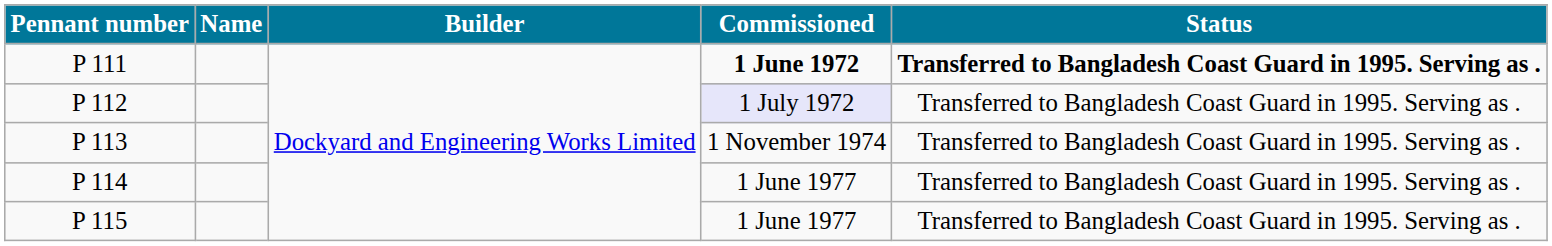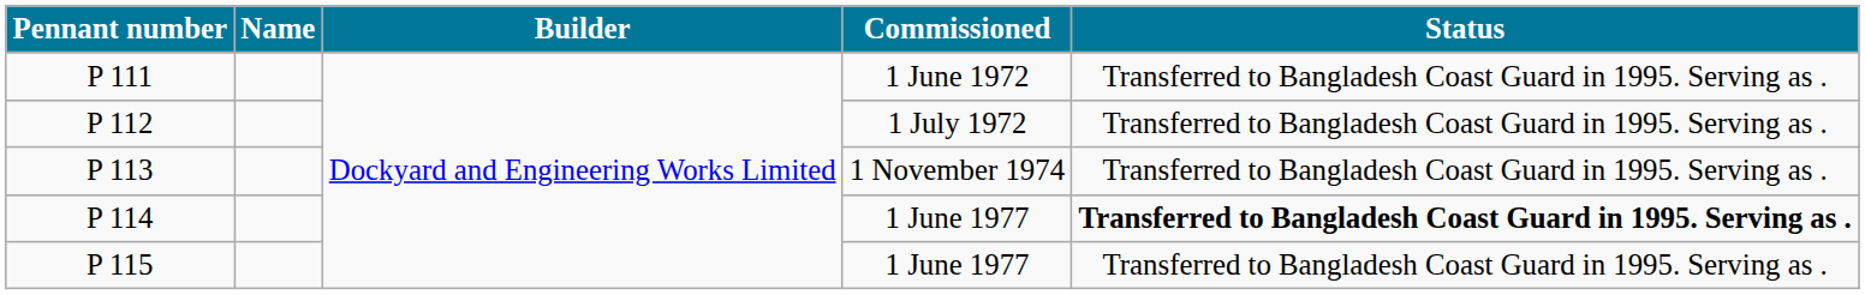 <table class="wikitable" style="text-align: center;">
 <tr>
 <th style="background:#079;color:#fff;">Pennant number</th>
 <th style="background:#079;color:#fff;">Name</th>
 <th style="background:#079;color:#fff;">Builder</th>
 <th style="background:#079;color:#fff;">Commissioned</th>
 <th style="background:#079;color:#fff;">Status</th>
 </tr>
 <tr>
 <td>P 111</td>
 <td></td>
 <td rowspan="6"><a href='#'>Dockyard and Engineering Works Limited</a></td>
-<td><strong>1 June 1972</strong></td>
-<td><strong>Transferred to Bangladesh Coast Guard in 1995. Serving as .</strong></td>
+<td>1 June 1972</td>
+<td>Transferred to Bangladesh Coast Guard in 1995. Serving as .</td>
 </tr>
 <tr>
 <td>P 112</td>
 <td></td>
-<td style="background: lavender;">1 July 1972</td>
+<td>1 July 1972</td>
 <td>Transferred to Bangladesh Coast Guard in 1995. Serving as .</td>
 </tr>
 <tr>
 <td>P 113</td>
 <td></td>
 <td>1 November 1974</td>
 <td>Transferred to Bangladesh Coast Guard in 1995. Serving as .</td>
 </tr>
 <tr>
 <td>P 114</td>
 <td></td>
 <td>1 June 1977</td>
-<td>Transferred to Bangladesh Coast Guard in 1995. Serving as .</td>
+<td><strong>Transferred to Bangladesh Coast Guard in 1995. Serving as .</strong></td>
 </tr>
 <tr>
 <td>P 115</td>
 <td></td>
 <td>1 June 1977</td>
 <td>Transferred to Bangladesh Coast Guard in 1995. Serving as .</td>
 </tr>
 </table>
